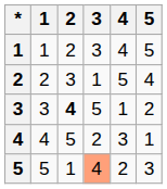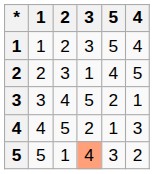 <table class="wikitable" style="text-align:center">
 <tr>
 <th width=15>*</th>
 <th width=15>1</th>
 <th width=15>2</th>
 <th width=15>3</th>
+<th width=15>5</th>
 <th width=15>4</th>
-<th width=15>5</th>
 </tr>
 <tr>
 <th>1</th>
 <td>1</td>
 <td>2</td>
 <td>3</td>
+<td>5</td>
 <td>4</td>
-<td>5</td>
 </tr>
 <tr>
 <th>2</th>
 <td>2</td>
 <td>3</td>
 <td>1</td>
+<td>4</td>
 <td>5</td>
-<td>4</td>
 </tr>
 <tr>
 <th>3</th>
 <td>3</td>
-<td><strong>4</strong></td>
+<td>4</td>
 <td>5</td>
+<td>2</td>
 <td>1</td>
-<td>2</td>
 </tr>
 <tr>
 <th>4</th>
 <td>4</td>
 <td>5</td>
 <td>2</td>
+<td>1</td>
 <td>3</td>
-<td>1</td>
 </tr>
 <tr>
 <th>5</th>
 <td>5</td>
 <td>1</td>
 <td style="background: lightsalmon;">4</td>
+<td>3</td>
 <td>2</td>
-<td>3</td>
 </tr>
 </table>
